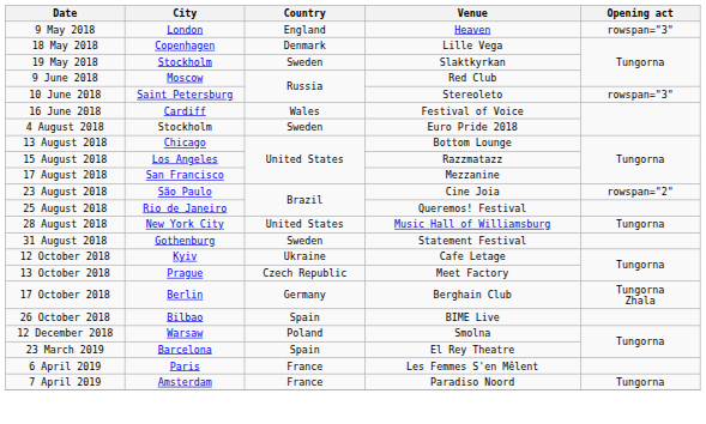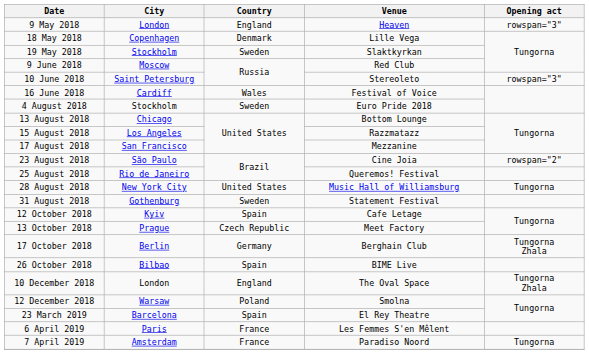 <table class="wikitable" style="text-align:center;">
 <tr>
 <th width="150">Date</th>
 <th width="150">City</th>
 <th width="150">Country</th>
 <th width="275">Venue</th>
 <th width="150">Opening act</th>
 </tr>
 <tr>
 <td>9 May 2018</td>
 <td><a href='#'>London</a></td>
 <td>England</td>
 <td><a href='#'>Heaven</a></td>
 <td>rowspan="3" </td>
 </tr>
 <tr>
 <td>18 May 2018</td>
 <td><a href='#'>Copenhagen</a></td>
 <td>Denmark</td>
 <td>Lille Vega</td>
 <td rowspan="3">Tungorna</td>
 </tr>
 <tr>
 <td>19 May 2018</td>
 <td><a href='#'>Stockholm</a></td>
 <td>Sweden</td>
 <td>Slaktkyrkan</td>
 </tr>
 <tr>
 <td>9 June 2018</td>
 <td><a href='#'>Moscow</a></td>
 <td rowspan="2">Russia</td>
 <td>Red Club</td>
 </tr>
 <tr>
 <td>10 June 2018</td>
 <td><a href='#'>Saint Petersburg</a></td>
 <td>Stereoleto</td>
 <td>rowspan="3" </td>
 </tr>
 <tr>
 <td>16 June 2018</td>
 <td><a href='#'>Cardiff</a></td>
 <td>Wales</td>
 <td>Festival of Voice</td>
 </tr>
 <tr>
 <td>4 August 2018</td>
 <td>Stockholm</td>
 <td>Sweden</td>
 <td>Euro Pride 2018</td>
 </tr>
 <tr>
 <td>13 August 2018</td>
 <td><a href='#'>Chicago</a></td>
 <td rowspan="3">United States</td>
 <td>Bottom Lounge</td>
 <td rowspan="3">Tungorna</td>
 </tr>
 <tr>
 <td>15 August 2018</td>
 <td><a href='#'>Los Angeles</a></td>
 <td>Razzmatazz</td>
 </tr>
 <tr>
 <td>17 August 2018</td>
 <td><a href='#'>San Francisco</a></td>
 <td>Mezzanine</td>
 </tr>
 <tr>
 <td>23 August 2018</td>
 <td><a href='#'>São Paulo</a></td>
 <td rowspan="2">Brazil</td>
 <td>Cine Joia</td>
 <td>rowspan="2" </td>
 </tr>
 <tr>
 <td>25 August 2018</td>
 <td><a href='#'>Rio de Janeiro</a></td>
 <td>Queremos! Festival</td>
 </tr>
 <tr>
 <td>28 August 2018</td>
 <td><a href='#'>New York City</a></td>
 <td>United States</td>
 <td><a href='#'>Music Hall of Williamsburg</a></td>
 <td>Tungorna</td>
 </tr>
 <tr>
 <td>31 August 2018</td>
 <td><a href='#'>Gothenburg</a></td>
 <td>Sweden</td>
 <td>Statement Festival</td>
 <td></td>
 </tr>
 <tr>
 <td>12 October 2018</td>
 <td><a href='#'>Kyiv</a></td>
-<td>Ukraine</td>
+<td>Spain</td>
 <td>Cafe Letage</td>
 <td rowspan="2">Tungorna</td>
 </tr>
 <tr>
 <td>13 October 2018</td>
 <td><a href='#'>Prague</a></td>
 <td>Czech Republic</td>
 <td>Meet Factory</td>
 </tr>
 <tr>
 <td>17 October 2018</td>
 <td><a href='#'>Berlin</a></td>
 <td>Germany</td>
 <td>Berghain Club</td>
 <td>Tungorna<br>Zhala</td>
 </tr>
 <tr>
 <td>26 October 2018</td>
 <td><a href='#'>Bilbao</a></td>
 <td>Spain</td>
 <td>BIME Live</td>
 <td></td>
+</tr>
+<tr>
+<td>10 December 2018</td>
+<td>London</td>
+<td>England</td>
+<td>The Oval Space</td>
+<td>Tungorna<br>Zhala</td>
 </tr>
 <tr>
 <td>12 December 2018</td>
 <td><a href='#'>Warsaw</a></td>
 <td>Poland</td>
 <td>Smolna</td>
 <td rowspan="2">Tungorna</td>
 </tr>
 <tr>
 <td>23 March 2019</td>
 <td><a href='#'>Barcelona</a></td>
 <td>Spain</td>
 <td>El Rey Theatre</td>
 </tr>
 <tr>
 <td>6 April 2019</td>
 <td><a href='#'>Paris</a></td>
 <td>France</td>
 <td>Les Femmes S'en Mêlent</td>
 <td></td>
 </tr>
 <tr>
 <td>7 April 2019</td>
 <td><a href='#'>Amsterdam</a></td>
 <td>France</td>
 <td>Paradiso Noord</td>
 <td>Tungorna</td>
 </tr>
 <tr>
 </tr>
 </table>
